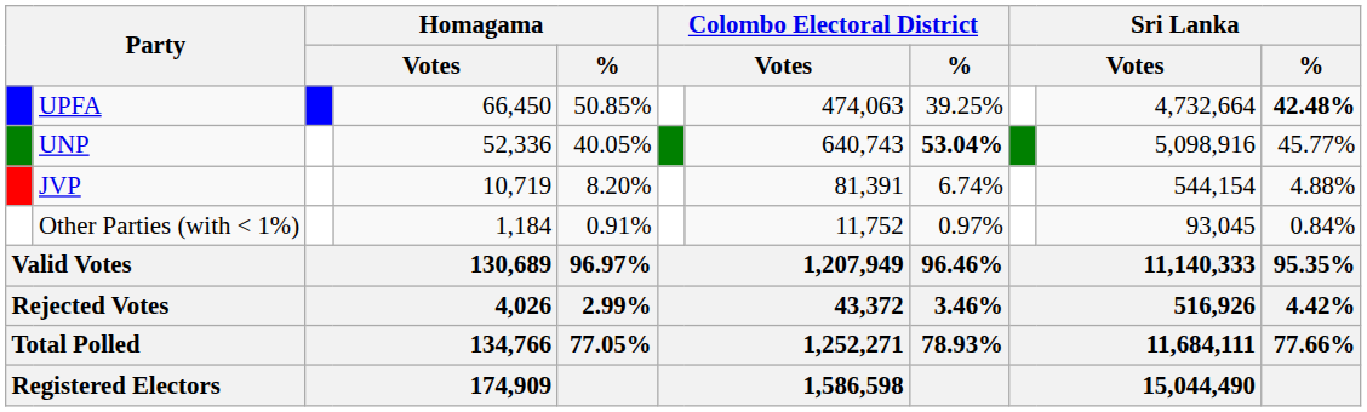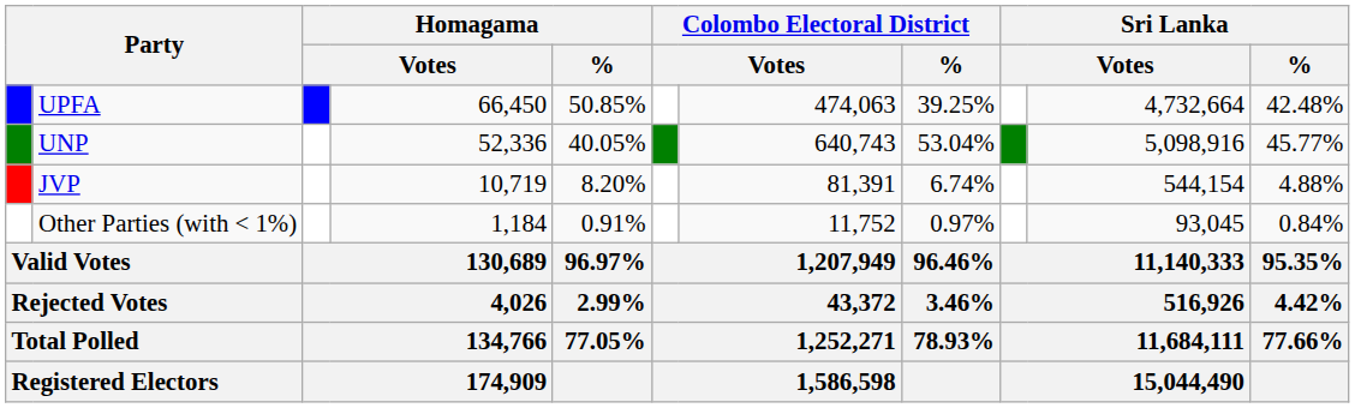 <table class="wikitable">
 <tr>
 <th colspan="2" width="144px"rowspan="2">Party</th>
 <th colspan="3" width="216px">Homagama</th>
 <th colspan="3" width="216px"><a href='#'>Colombo Electoral District</a></th>
 <th colspan="3" width="216px">Sri Lanka</th>
 </tr>
 <tr>
 <th colspan="2" width="144px">Votes</th>
 <th>%</th>
 <th colspan="2" width="144px">Votes</th>
 <th>%</th>
 <th colspan="2" width="144px">Votes</th>
 <th>%</th>
 </tr>
 <tr>
 <td style="background-color:blue;" width="10px"></td>
 <td style="text-align:left;"><a href='#'>UPFA</a></td>
 <td style="background-color:blue;" width="10px"></td>
 <td style="text-align:right;">66,450</td>
 <td style="text-align:right;">50.85%</td>
 <td style="background-color:white;" width="10px"></td>
 <td style="text-align:right;">474,063</td>
 <td style="text-align:right;">39.25%</td>
 <td style="background-color:white;" width="10px"></td>
 <td style="text-align:right;">4,732,664</td>
-<td style="text-align:right;"><strong>42.48%</strong></td>
+<td style="text-align:right;">42.48%</td>
 </tr>
 <tr>
 <td style="background-color:green;" width="10px"></td>
 <td style="text-align:left;"><a href='#'>UNP</a></td>
 <td style="background-color:white;" width="10px"></td>
 <td style="text-align:right;">52,336</td>
 <td style="text-align:right;">40.05%</td>
 <td style="background-color:green;" width="10px"></td>
 <td style="text-align:right;">640,743</td>
-<td style="text-align:right;"><strong>53.04%</strong></td>
+<td style="text-align:right;">53.04%</td>
 <td style="background-color:green;" width="10px"></td>
 <td style="text-align:right;">5,098,916</td>
 <td style="text-align:right;">45.77%</td>
 </tr>
 <tr>
 <td style="background-color:red;" width="10px"></td>
 <td style="text-align:left;"><a href='#'>JVP</a></td>
 <td style="background-color:white;" width="10px"></td>
 <td style="text-align:right;">10,719</td>
 <td style="text-align:right;">8.20%</td>
 <td style="background-color:white;" width="10px"></td>
 <td style="text-align:right;">81,391</td>
 <td style="text-align:right;">6.74%</td>
 <td style="background-color:white;" width="10px"></td>
 <td style="text-align:right;">544,154</td>
 <td style="text-align:right;">4.88%</td>
 </tr>
 <tr>
 <td style="background-color:white;" width="10px"></td>
 <td style="text-align:left;">Other Parties (with < 1%)</td>
 <td style="background-color:white;" width="10px"></td>
 <td style="text-align:right;">1,184</td>
 <td style="text-align:right;">0.91%</td>
 <td style="background-color:white;" width="10px"></td>
 <td style="text-align:right;">11,752</td>
 <td style="text-align:right;">0.97%</td>
 <td style="background-color:white;" width="10px"></td>
 <td style="text-align:right;">93,045</td>
 <td style="text-align:right;">0.84%</td>
 </tr>
 <tr>
 <th colspan="2" width="144px"style="text-align:left;">Valid Votes</th>
 <th style="text-align:right;"colspan="2" width="144px">130,689</th>
 <th style="text-align:right;">96.97%</th>
 <th style="text-align:right;"colspan="2" width="144px">1,207,949</th>
 <th style="text-align:right;">96.46%</th>
 <th style="text-align:right;"colspan="2" width="144px">11,140,333</th>
 <th style="text-align:right;">95.35%</th>
 </tr>
 <tr>
 <th colspan="2" width="144px"style="text-align:left;">Rejected Votes</th>
 <th style="text-align:right;"colspan="2" width="144px">4,026</th>
 <th style="text-align:right;">2.99%</th>
 <th style="text-align:right;"colspan="2" width="144px">43,372</th>
 <th style="text-align:right;">3.46%</th>
 <th style="text-align:right;"colspan="2" width="144px">516,926</th>
 <th style="text-align:right;">4.42%</th>
 </tr>
 <tr>
 <th colspan="2" width="144px"style="text-align:left;">Total Polled</th>
 <th style="text-align:right;"colspan="2" width="144px">134,766</th>
 <th style="text-align:right;">77.05%</th>
 <th style="text-align:right;"colspan="2" width="144px">1,252,271</th>
 <th style="text-align:right;">78.93%</th>
 <th style="text-align:right;"colspan="2" width="144px">11,684,111</th>
 <th style="text-align:right;">77.66%</th>
 </tr>
 <tr>
 <th colspan="2" width="144px"style="text-align:left;">Registered Electors</th>
 <th style="text-align:right;"colspan="2" width="144px">174,909</th>
 <th></th>
 <th style="text-align:right;"colspan="2" width="144px">1,586,598</th>
 <th></th>
 <th style="text-align:right;"colspan="2" width="144px">15,044,490</th>
 <th></th>
 </tr>
 </table>
